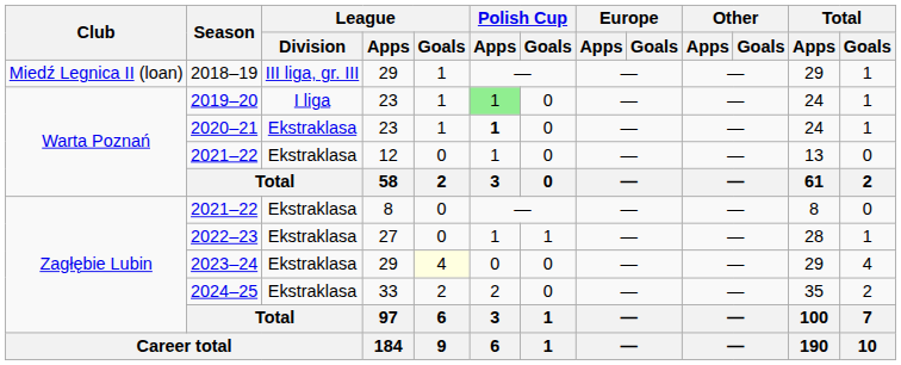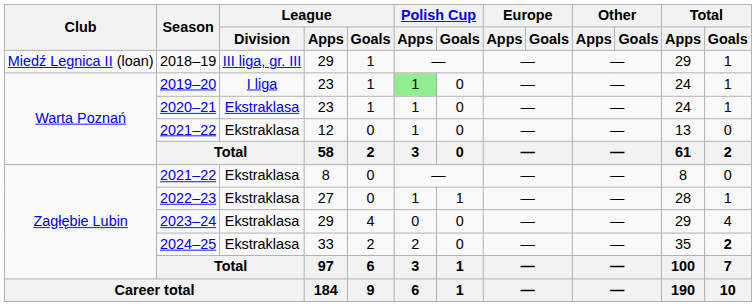 <table class=wikitable style="text-align: center">
 <tr>
 <th rowspan=2>Club</th>
 <th rowspan=2>Season</th>
 <th colspan=3>League</th>
 <th colspan=2><a href='#'>Polish Cup</a></th>
 <th colspan=2>Europe</th>
 <th colspan=2>Other</th>
 <th colspan=2>Total</th>
 </tr>
 <tr>
 <th>Division</th>
 <th>Apps</th>
 <th>Goals</th>
 <th>Apps</th>
 <th>Goals</th>
 <th>Apps</th>
 <th>Goals</th>
 <th>Apps</th>
 <th>Goals</th>
 <th>Apps</th>
 <th>Goals</th>
 </tr>
 <tr>
 <td><a href='#'>Miedź Legnica II</a> (loan)</td>
 <td>2018–19</td>
 <td><a href='#'>III liga, gr. III</a></td>
 <td>29</td>
 <td>1</td>
 <td colspan="2">—</td>
 <td colspan="2">—</td>
 <td colspan="2">—</td>
 <td>29</td>
 <td>1</td>
 </tr>
 <tr>
 <td rowspan=4><a href='#'>Warta Poznań</a></td>
 <td><a href='#'>2019–20</a></td>
 <td><a href='#'>I liga</a></td>
 <td>23</td>
 <td>1</td>
 <td style="background: lightgreen;">1</td>
 <td>0</td>
 <td colspan="2">—</td>
 <td colspan="2">—</td>
 <td>24</td>
 <td>1</td>
 </tr>
 <tr>
 <td><a href='#'>2020–21</a></td>
 <td><a href='#'>Ekstraklasa</a></td>
 <td>23</td>
 <td>1</td>
-<td><strong>1</strong></td>
+<td>1</td>
 <td>0</td>
 <td colspan="2">—</td>
 <td colspan="2">—</td>
 <td>24</td>
 <td>1</td>
 </tr>
 <tr>
 <td><a href='#'>2021–22</a></td>
 <td>Ekstraklasa</td>
 <td>12</td>
 <td>0</td>
 <td>1</td>
 <td>0</td>
 <td colspan="2">—</td>
 <td colspan="2">—</td>
 <td>13</td>
 <td>0</td>
 </tr>
 <tr>
 <th colspan=2>Total</th>
 <th>58</th>
 <th>2</th>
 <th>3</th>
 <th>0</th>
 <th colspan="2">—</th>
 <th colspan="2">—</th>
 <th>61</th>
 <th>2</th>
 </tr>
 <tr>
 <td rowspan=5><a href='#'>Zagłębie Lubin</a></td>
 <td><a href='#'>2021–22</a></td>
 <td>Ekstraklasa</td>
 <td>8</td>
 <td>0</td>
 <td colspan="2">—</td>
 <td colspan="2">—</td>
 <td colspan="2">—</td>
 <td>8</td>
 <td>0</td>
 </tr>
 <tr>
 <td><a href='#'>2022–23</a></td>
 <td>Ekstraklasa</td>
 <td>27</td>
 <td>0</td>
 <td>1</td>
 <td>1</td>
 <td colspan="2">—</td>
 <td colspan="2">—</td>
 <td>28</td>
 <td>1</td>
 </tr>
 <tr>
 <td><a href='#'>2023–24</a></td>
 <td>Ekstraklasa</td>
 <td>29</td>
-<td style="background: lightyellow;">4</td>
+<td>4</td>
 <td>0</td>
 <td>0</td>
 <td colspan="2">—</td>
 <td colspan="2">—</td>
 <td>29</td>
 <td>4</td>
 </tr>
 <tr>
 <td><a href='#'>2024–25</a></td>
 <td>Ekstraklasa</td>
 <td>33</td>
 <td>2</td>
 <td>2</td>
 <td>0</td>
 <td colspan="2">—</td>
 <td colspan="2">—</td>
 <td>35</td>
-<td>2</td>
+<td><strong>2</strong></td>
 </tr>
 <tr>
 <th colspan=2>Total</th>
 <th>97</th>
 <th>6</th>
 <th>3</th>
 <th>1</th>
 <th colspan="2">—</th>
 <th colspan="2">—</th>
 <th>100</th>
 <th>7</th>
 </tr>
 <tr>
 <th colspan=3>Career total</th>
 <th>184</th>
 <th>9</th>
 <th>6</th>
 <th>1</th>
 <th colspan="2">—</th>
 <th colspan="2">—</th>
 <th>190</th>
 <th>10</th>
 </tr>
 </table>
